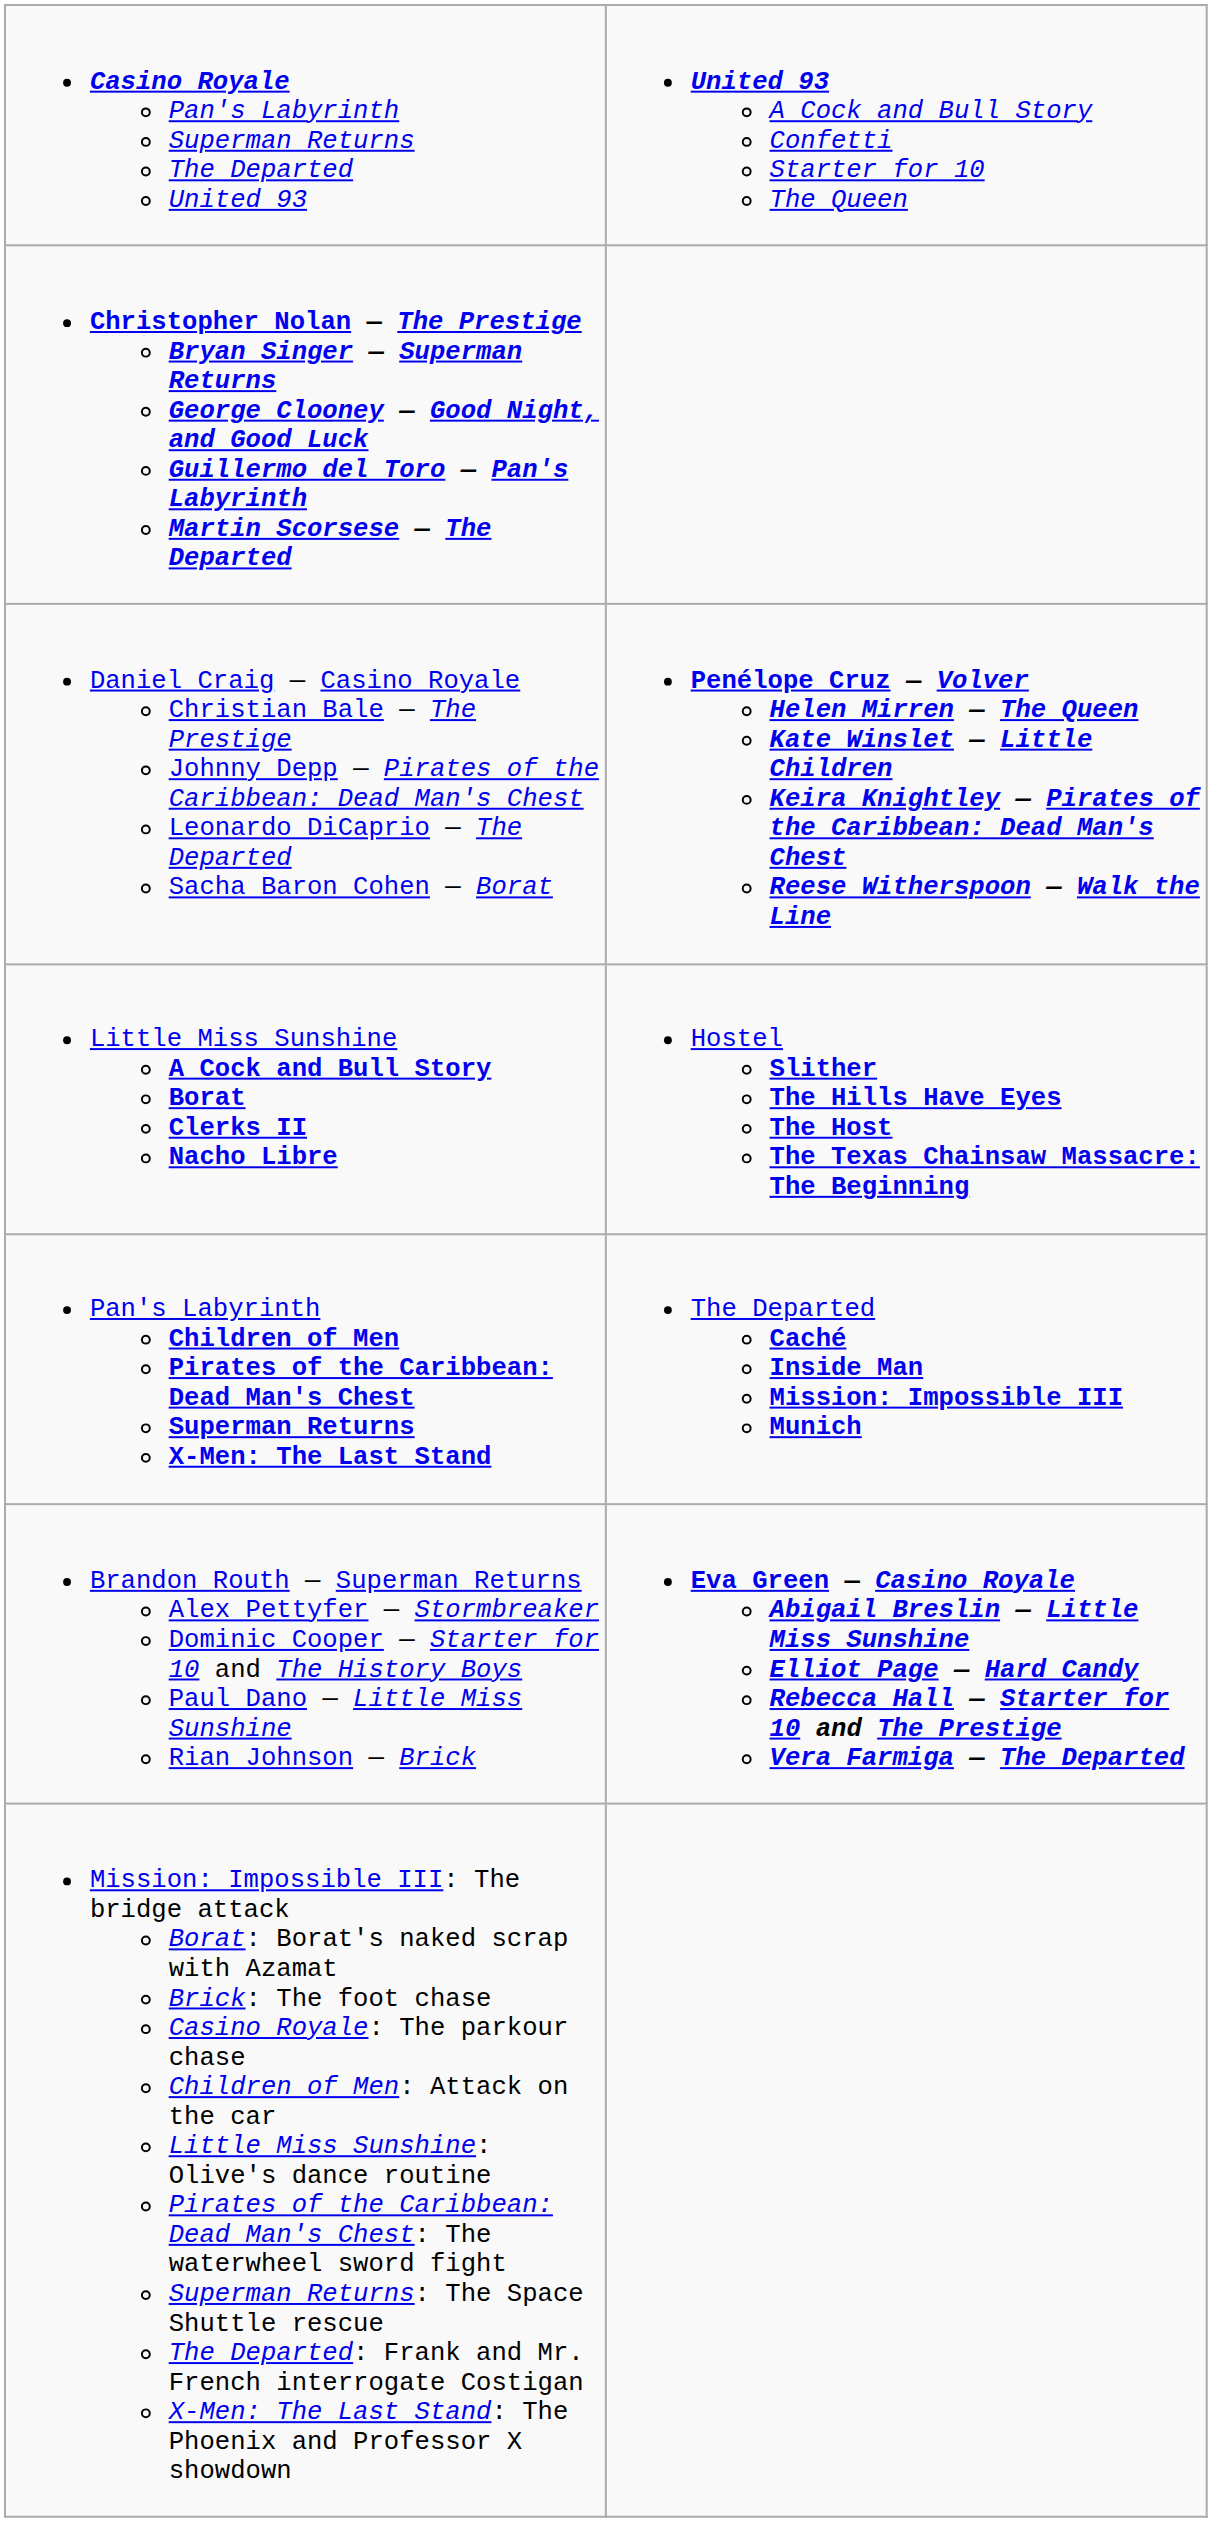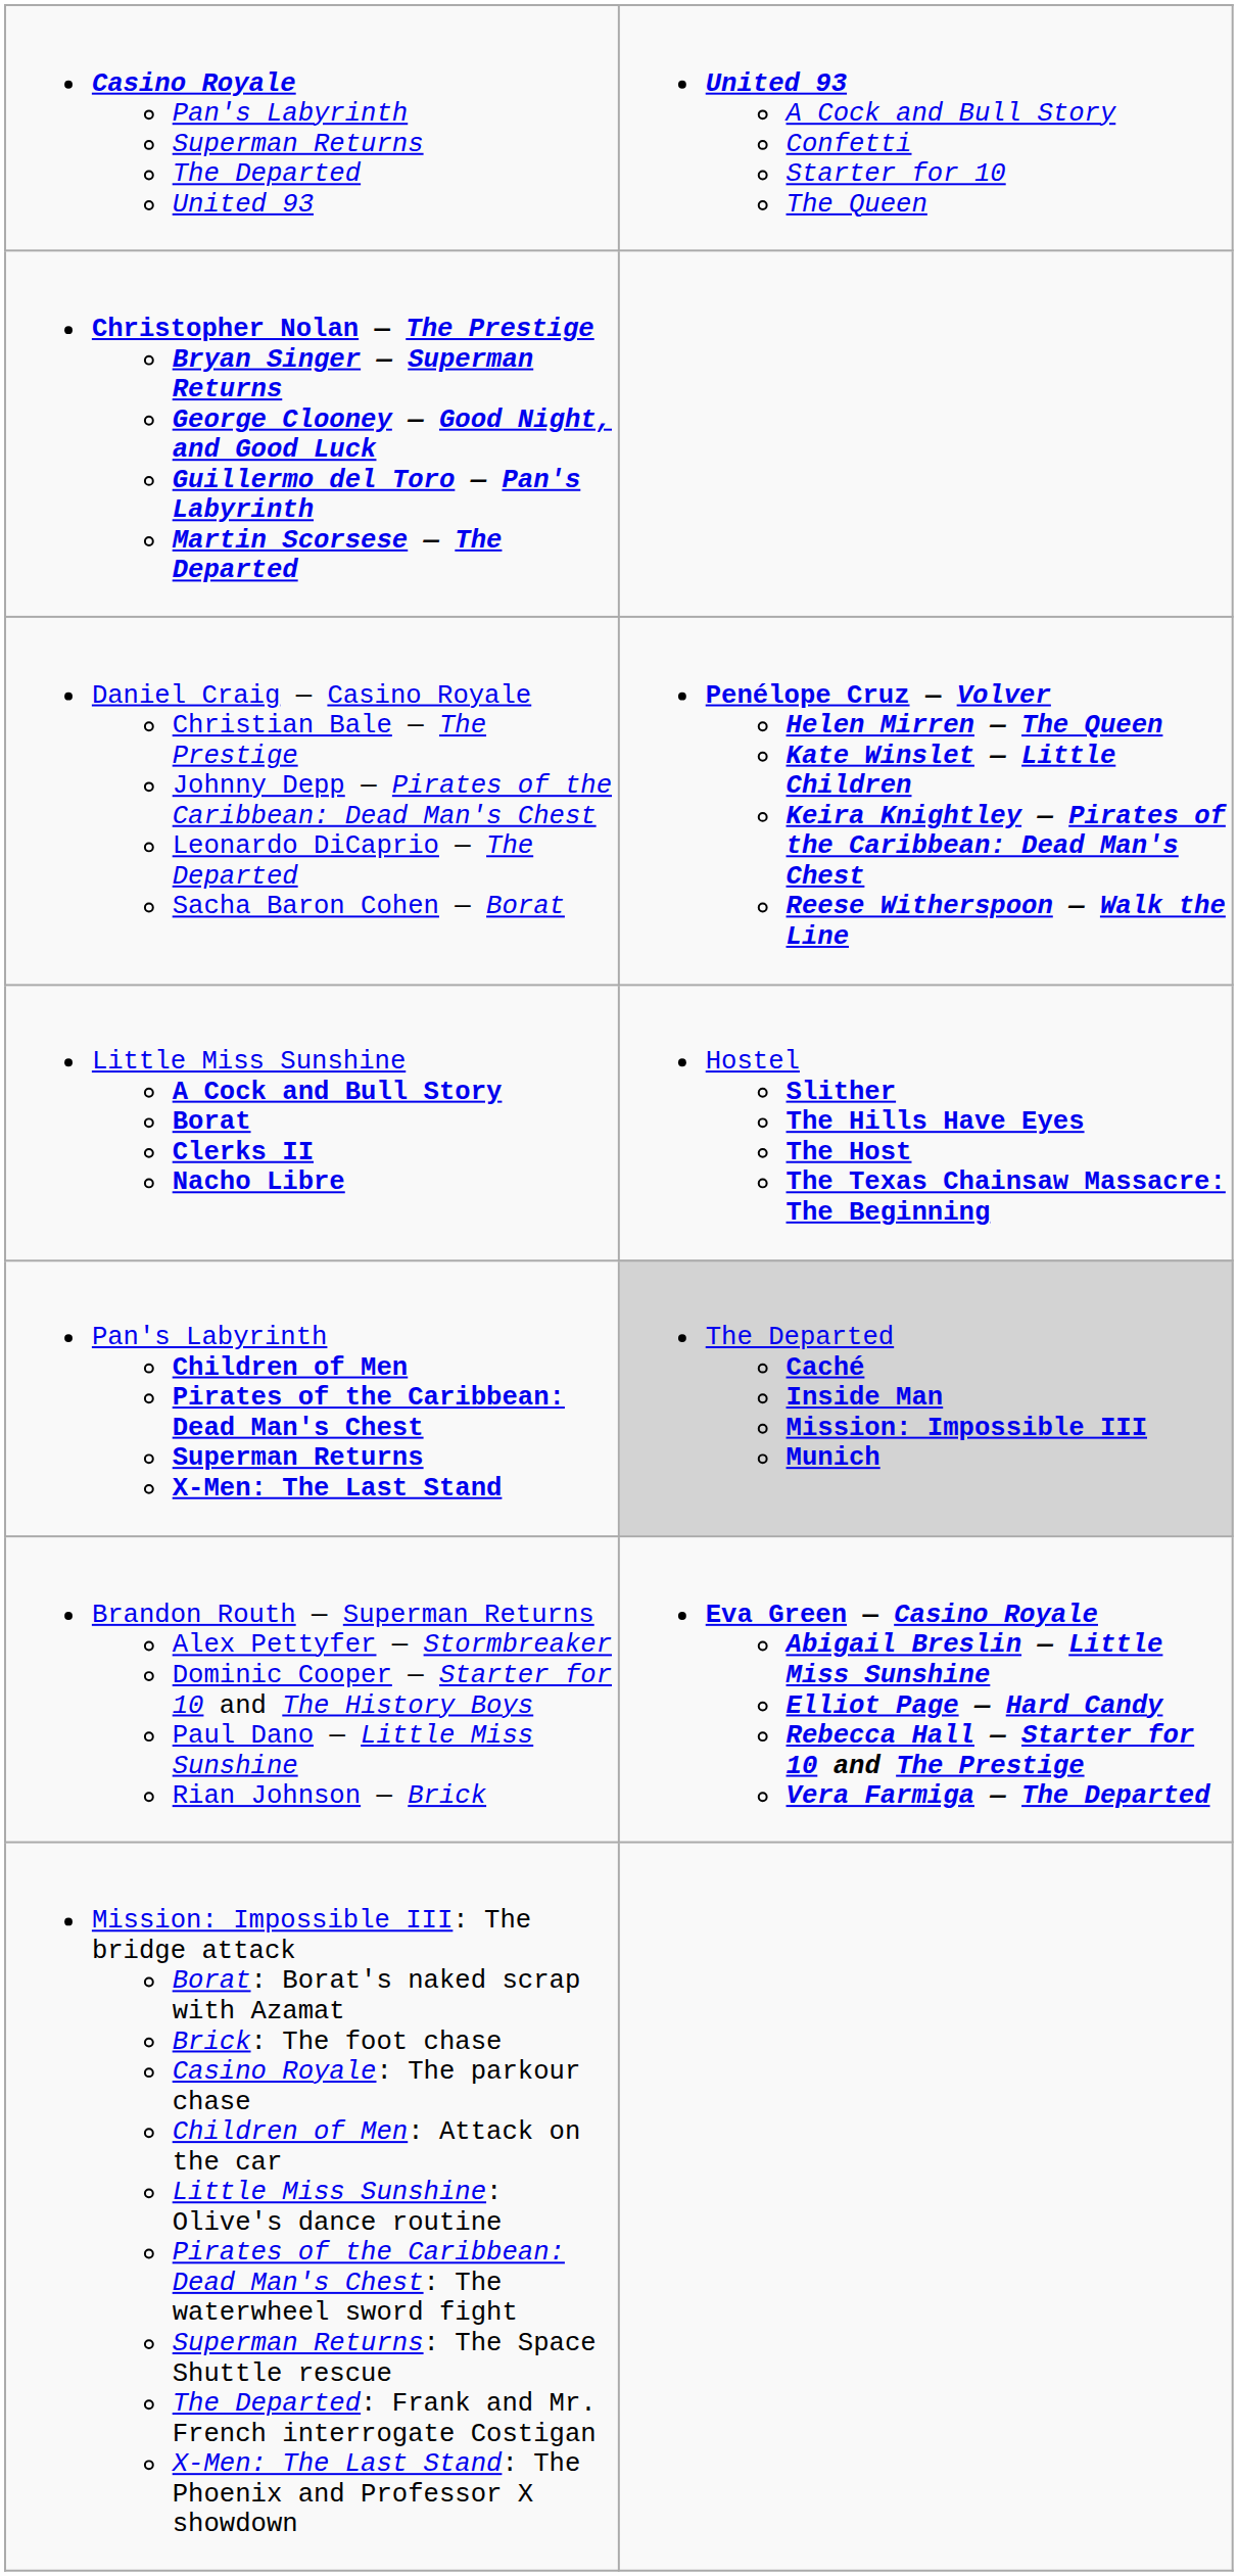 <table class=wikitable>
 <tr>
 <td style="vertical-align:top;" width="50%"><br><ul><li><strong><em><a href='#'>Casino Royale</a></em></strong><ul><li><em><a href='#'>Pan's Labyrinth</a></em></li><li><em><a href='#'>Superman Returns</a></em></li><li><em><a href='#'>The Departed</a></em></li><li><em><a href='#'>United 93</a></em></li></ul></li></ul></td>
 <td style="vertical-align:top;" width="50%"><br><ul><li><strong><em><a href='#'>United 93</a></em></strong><ul><li><em><a href='#'>A Cock and Bull Story</a></em></li><li><em><a href='#'>Confetti</a></em></li><li><em><a href='#'>Starter for 10</a></em></li><li><em><a href='#'>The Queen</a></em></li></ul></li></ul></td>
 </tr>
 <tr>
 <td style="vertical-align:top;" width="50%"><br><ul><li><strong><a href='#'>Christopher Nolan</a> — <em><a href='#'>The Prestige</a><strong><em><ul><li><a href='#'>Bryan Singer</a> — </em><a href='#'>Superman Returns</a><em></li><li><a href='#'>George Clooney</a> — </em><a href='#'>Good Night, and Good Luck</a><em></li><li><a href='#'>Guillermo del Toro</a> — </em><a href='#'>Pan's Labyrinth</a><em></li><li><a href='#'>Martin Scorsese</a> — </em><a href='#'>The Departed</a><em></li></ul></li></ul></td>
 <td style="vertical-align:top;" width="50%"></td>
 </tr>
 <tr>
 <td style="vertical-align:top;" width="50%"><br><ul><li></strong><a href='#'>Daniel Craig</a> — </em><a href='#'>Casino Royale</a></em></strong><ul><li><a href='#'>Christian Bale</a> — <em><a href='#'>The Prestige</a></em></li><li><a href='#'>Johnny Depp</a> — <em><a href='#'>Pirates of the Caribbean: Dead Man's Chest</a></em></li><li><a href='#'>Leonardo DiCaprio</a> — <em><a href='#'>The Departed</a></em></li><li><a href='#'>Sacha Baron Cohen</a> — <em><a href='#'>Borat</a></em></li></ul></li></ul></td>
 <td style="vertical-align:top;" width="50%"><br><ul><li><strong><a href='#'>Penélope Cruz</a> — <em><a href='#'>Volver</a><strong><em><ul><li><a href='#'>Helen Mirren</a> — </em><a href='#'>The Queen</a><em></li><li><a href='#'>Kate Winslet</a> — </em><a href='#'>Little Children</a><em></li><li><a href='#'>Keira Knightley</a> — </em><a href='#'>Pirates of the Caribbean: Dead Man's Chest</a><em></li><li><a href='#'>Reese Witherspoon</a> — </em><a href='#'>Walk the Line</a><em></li></ul></li></ul></td>
 </tr>
 <tr>
 <td style="vertical-align:top;" width="50%"><br><ul><li></em></strong><a href='#'>Little Miss Sunshine</a><strong><em><ul><li></em><a href='#'>A Cock and Bull Story</a><em></li><li></em><a href='#'>Borat</a><em></li><li></em><a href='#'>Clerks II</a><em></li><li></em><a href='#'>Nacho Libre</a><em></li></ul></li></ul></td>
 <td style="vertical-align:top;" width="50%"><br><ul><li></em></strong><a href='#'>Hostel</a><strong><em><ul><li></em><a href='#'>Slither</a><em></li><li></em><a href='#'>The Hills Have Eyes</a><em></li><li></em><a href='#'>The Host</a><em></li><li></em><a href='#'>The Texas Chainsaw Massacre: The Beginning</a><em></li></ul></li></ul></td>
 </tr>
 <tr>
 <td style="vertical-align:top;" width="50%"><br><ul><li></em></strong><a href='#'>Pan's Labyrinth</a><strong><em><ul><li></em><a href='#'>Children of Men</a><em></li><li></em><a href='#'>Pirates of the Caribbean: Dead Man's Chest</a><em></li><li></em><a href='#'>Superman Returns</a><em></li><li></em><a href='#'>X-Men: The Last Stand</a><em></li></ul></li></ul></td>
-<td style="vertical-align:top;" width="50%"><br><ul><li></em></strong><a href='#'>The Departed</a><strong><em><ul><li></em><a href='#'>Caché</a><em></li><li></em><a href='#'>Inside Man</a><em></li><li></em><a href='#'>Mission: Impossible III</a><em></li><li></em><a href='#'>Munich</a><em></li></ul></li></ul></td>
+<td style="background: lightgrey; vertical-align:top;" width="50%"><br><ul><li></em></strong><a href='#'>The Departed</a><strong><em><ul><li></em><a href='#'>Caché</a><em></li><li></em><a href='#'>Inside Man</a><em></li><li></em><a href='#'>Mission: Impossible III</a><em></li><li></em><a href='#'>Munich</a><em></li></ul></li></ul></td>
 </tr>
 <tr>
 <td style="vertical-align:top;" width="50%"><br><ul><li></strong><a href='#'>Brandon Routh</a> — </em><a href='#'>Superman Returns</a></em></strong><ul><li><a href='#'>Alex Pettyfer</a> — <em><a href='#'>Stormbreaker</a></em></li><li><a href='#'>Dominic Cooper</a> — <em><a href='#'>Starter for 10</a></em> and <em><a href='#'>The History Boys</a></em></li><li><a href='#'>Paul Dano</a> — <em><a href='#'>Little Miss Sunshine</a></em></li><li><a href='#'>Rian Johnson</a> — <em><a href='#'>Brick</a></em></li></ul></li></ul></td>
 <td style="vertical-align:top;" width="50%"><br><ul><li><strong><a href='#'>Eva Green</a> — <em><a href='#'>Casino Royale</a><strong><em><ul><li><a href='#'>Abigail Breslin</a> — </em><a href='#'>Little Miss Sunshine</a><em></li><li><a href='#'>Elliot Page</a> — </em><a href='#'>Hard Candy</a><em></li><li><a href='#'>Rebecca Hall</a> — </em><a href='#'>Starter for 10</a><em> and </em><a href='#'>The Prestige</a><em></li><li><a href='#'>Vera Farmiga</a> — </em><a href='#'>The Departed</a><em></li></ul></li></ul></td>
 </tr>
 <tr>
 <td style="vertical-align:top;" width="50%"><br><ul><li></em></strong><a href='#'>Mission: Impossible III</a></em>: The bridge attack</strong><ul><li><em><a href='#'>Borat</a></em>: Borat's naked scrap with Azamat</li><li><em><a href='#'>Brick</a></em>: The foot chase</li><li><em><a href='#'>Casino Royale</a></em>: The parkour chase</li><li><em><a href='#'>Children of Men</a></em>: Attack on the car</li><li><em><a href='#'>Little Miss Sunshine</a></em>: Olive's dance routine</li><li><em><a href='#'>Pirates of the Caribbean: Dead Man's Chest</a></em>: The waterwheel sword fight</li><li><em><a href='#'>Superman Returns</a></em>: The Space Shuttle rescue</li><li><em><a href='#'>The Departed</a></em>: Frank and Mr. French interrogate Costigan</li><li><em><a href='#'>X-Men: The Last Stand</a></em>: The Phoenix and Professor X showdown</li></ul></li></ul></td>
 <td style="vertical-align:top;" width="50%"></td>
 </tr>
 </table>
